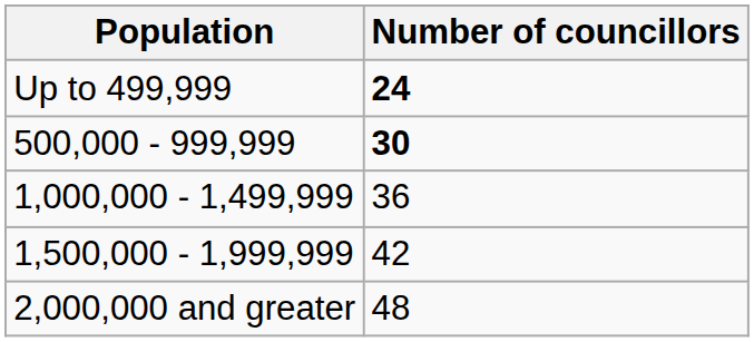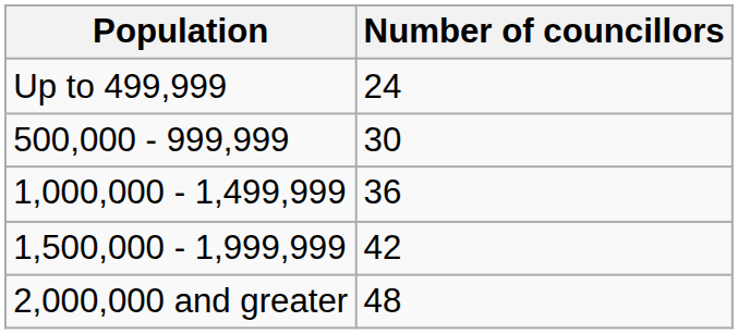 <table class="wikitable">
 <tr>
 <th>Population</th>
 <th>Number of councillors</th>
 </tr>
 <tr>
 <td>Up to 499,999</td>
-<td><strong>24</strong></td>
+<td>24</td>
 </tr>
 <tr>
 <td>500,000 - 999,999</td>
-<td><strong>30</strong></td>
+<td>30</td>
 </tr>
 <tr>
 <td>1,000,000 - 1,499,999</td>
 <td>36</td>
 </tr>
 <tr>
 <td>1,500,000 - 1,999,999</td>
 <td>42</td>
 </tr>
 <tr>
 <td>2,000,000 and greater</td>
 <td>48</td>
 </tr>
 </table>
